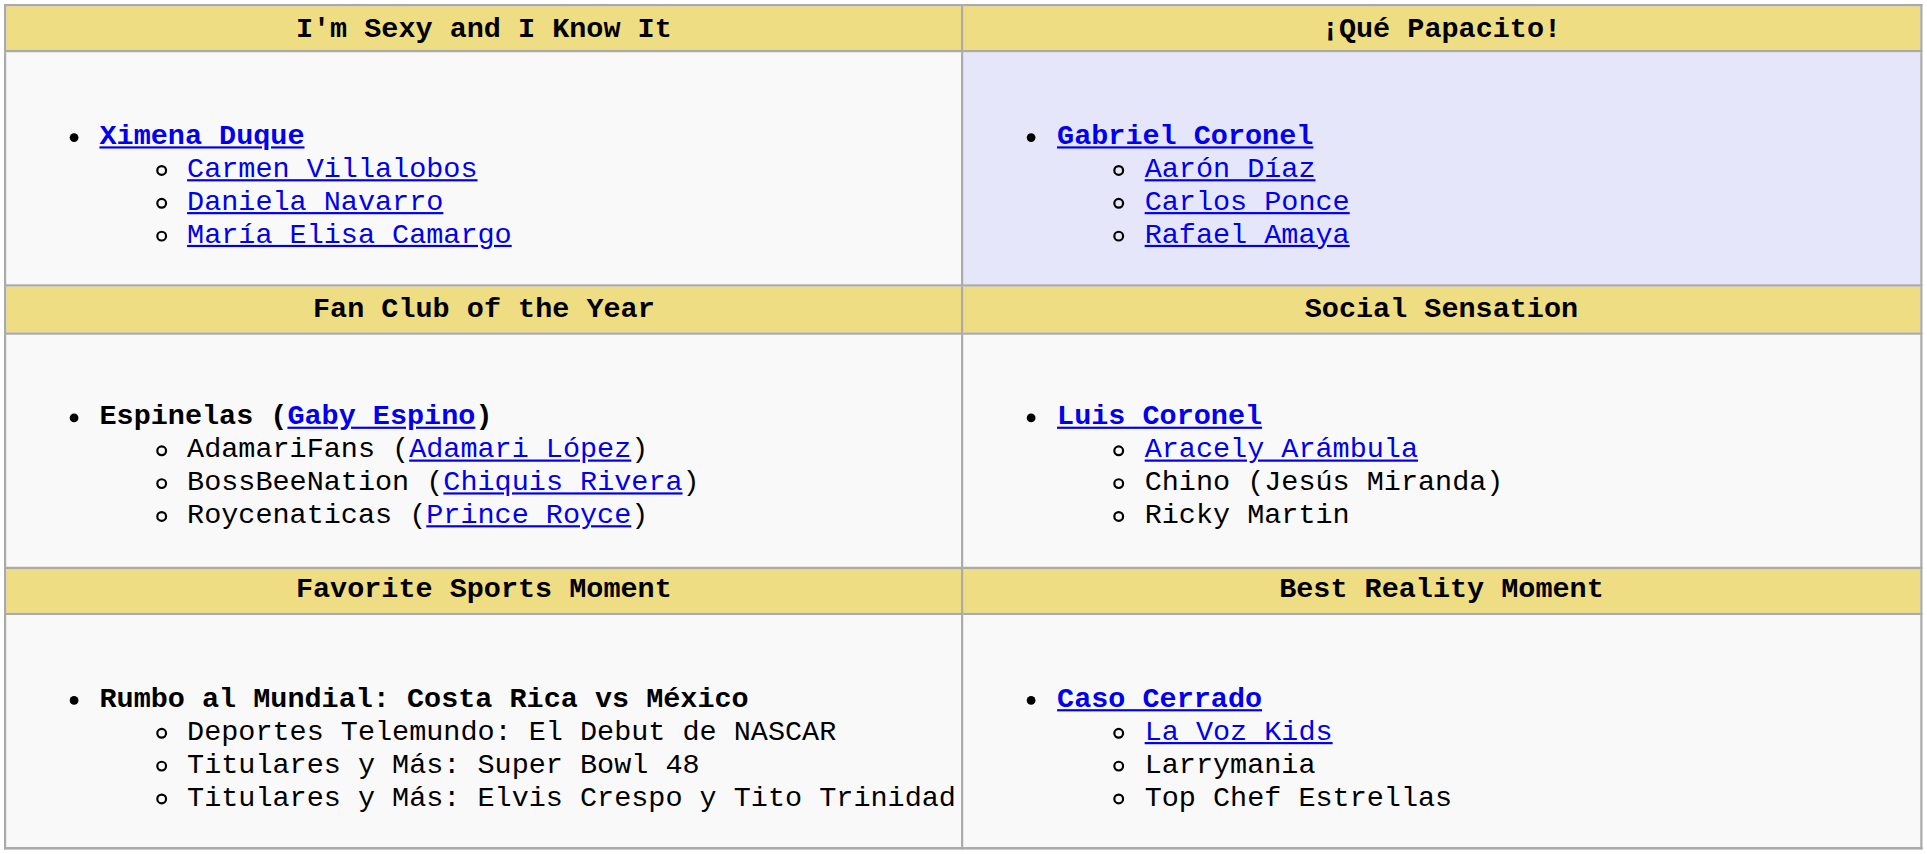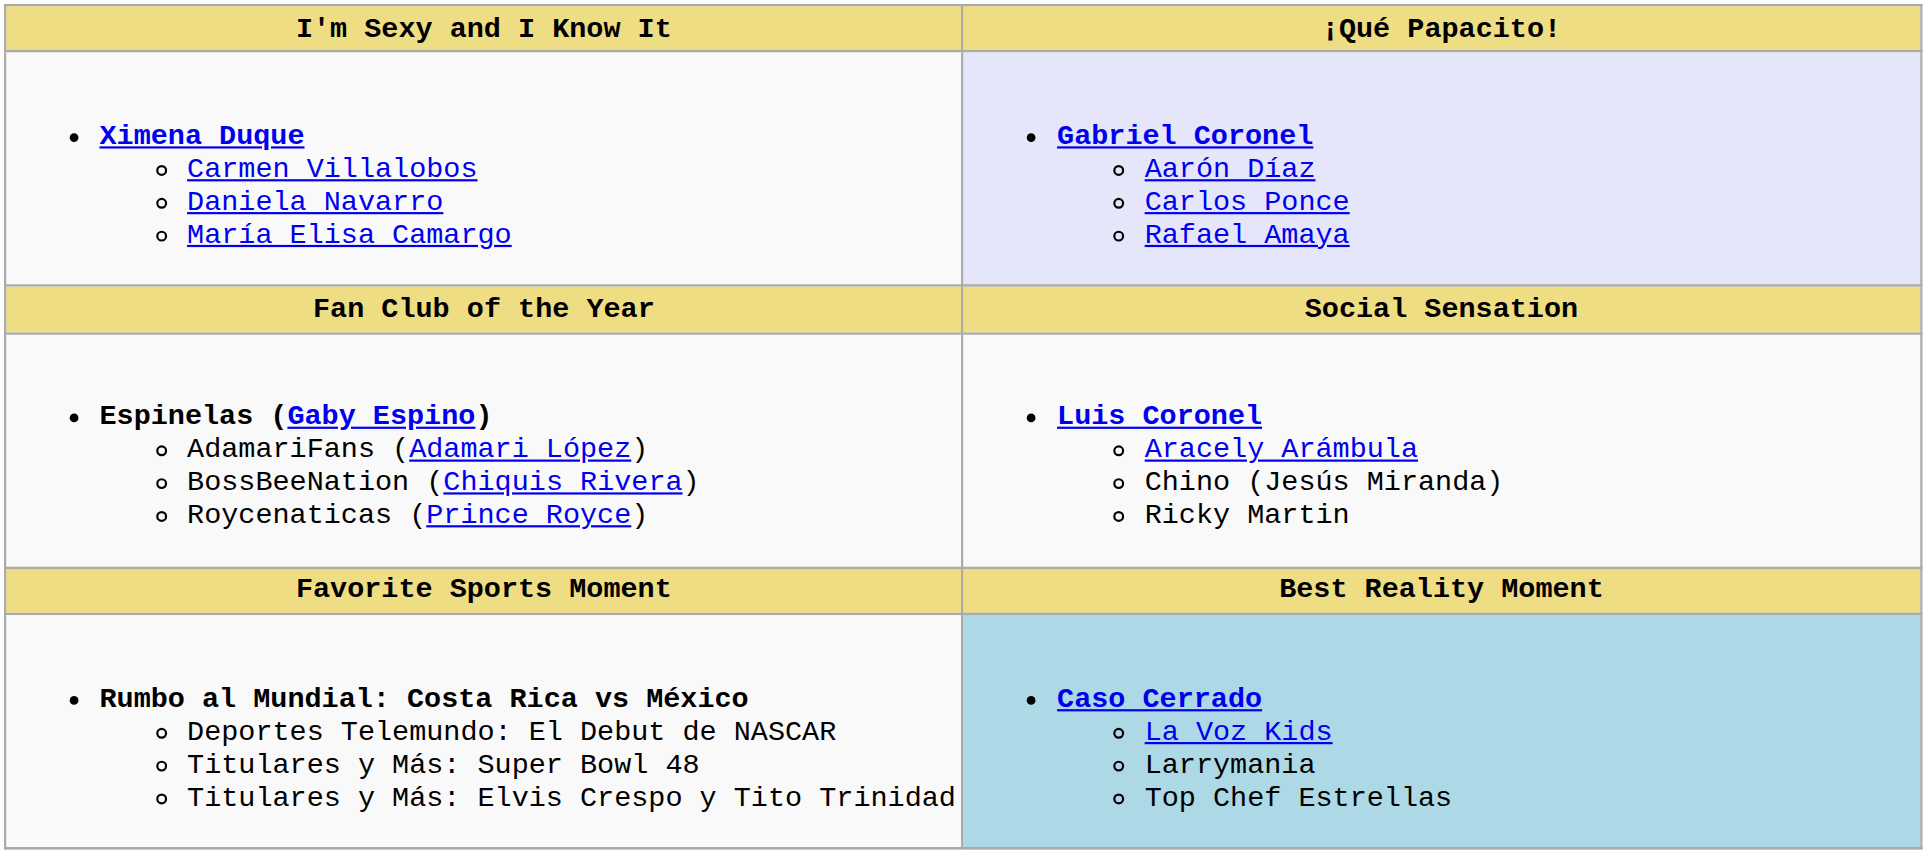 <table class=wikitable>
 <tr>
 <th style="background:#EEDD82; width:50%">I'm Sexy and I Know It</th>
 <th style="background:#EEDD82; width:50%">¡Qué Papacito!</th>
 </tr>
 <tr>
 <td valign="top"><br><ul><li><strong><a href='#'>Ximena Duque</a></strong><ul><li><a href='#'>Carmen Villalobos</a></li><li><a href='#'>Daniela Navarro</a></li><li><a href='#'>María Elisa Camargo</a></li></ul></li></ul></td>
 <td valign="top" style="background: lavender;"><br><ul><li><strong><a href='#'>Gabriel Coronel</a></strong><ul><li><a href='#'>Aarón Díaz</a></li><li><a href='#'>Carlos Ponce</a></li><li><a href='#'>Rafael Amaya</a></li></ul></li></ul></td>
 </tr>
 <tr>
 <th style="background:#EEDD82; width:50%">Fan Club of the Year</th>
 <th style="background:#EEDD82; width:50%">Social Sensation</th>
 </tr>
 <tr>
 <td valign="top"><br><ul><li><strong>Espinelas (<a href='#'>Gaby Espino</a>)</strong><ul><li>AdamariFans (<a href='#'>Adamari López</a>)</li><li>BossBeeNation (<a href='#'>Chiquis Rivera</a>)</li><li>Roycenaticas (<a href='#'>Prince Royce</a>)</li></ul></li></ul></td>
 <td valign="top"><br><ul><li><strong><a href='#'>Luis Coronel</a></strong><ul><li><a href='#'>Aracely Arámbula</a></li><li>Chino (Jesús Miranda)</li><li>Ricky Martin</li></ul></li></ul></td>
 </tr>
 <tr>
 <th style="background:#EEDD82; width:50%">Favorite Sports Moment</th>
 <th style="background:#EEDD82; width:50%">Best Reality Moment</th>
 </tr>
 <tr>
 <td valign="top"><br><ul><li><strong>Rumbo al Mundial: Costa Rica vs México</strong><ul><li>Deportes Telemundo: El Debut de NASCAR</li><li>Titulares y Más: Super Bowl 48</li><li>Titulares y Más: Elvis Crespo y Tito Trinidad</li></ul></li></ul></td>
-<td valign="top"><br><ul><li><strong><a href='#'>Caso Cerrado</a></strong><ul><li><a href='#'>La Voz Kids</a></li><li>Larrymania</li><li>Top Chef Estrellas</li></ul></li></ul></td>
+<td valign="top" style="background: lightblue;"><br><ul><li><strong><a href='#'>Caso Cerrado</a></strong><ul><li><a href='#'>La Voz Kids</a></li><li>Larrymania</li><li>Top Chef Estrellas</li></ul></li></ul></td>
 </tr>
 <tr>
 </tr>
 </table>
